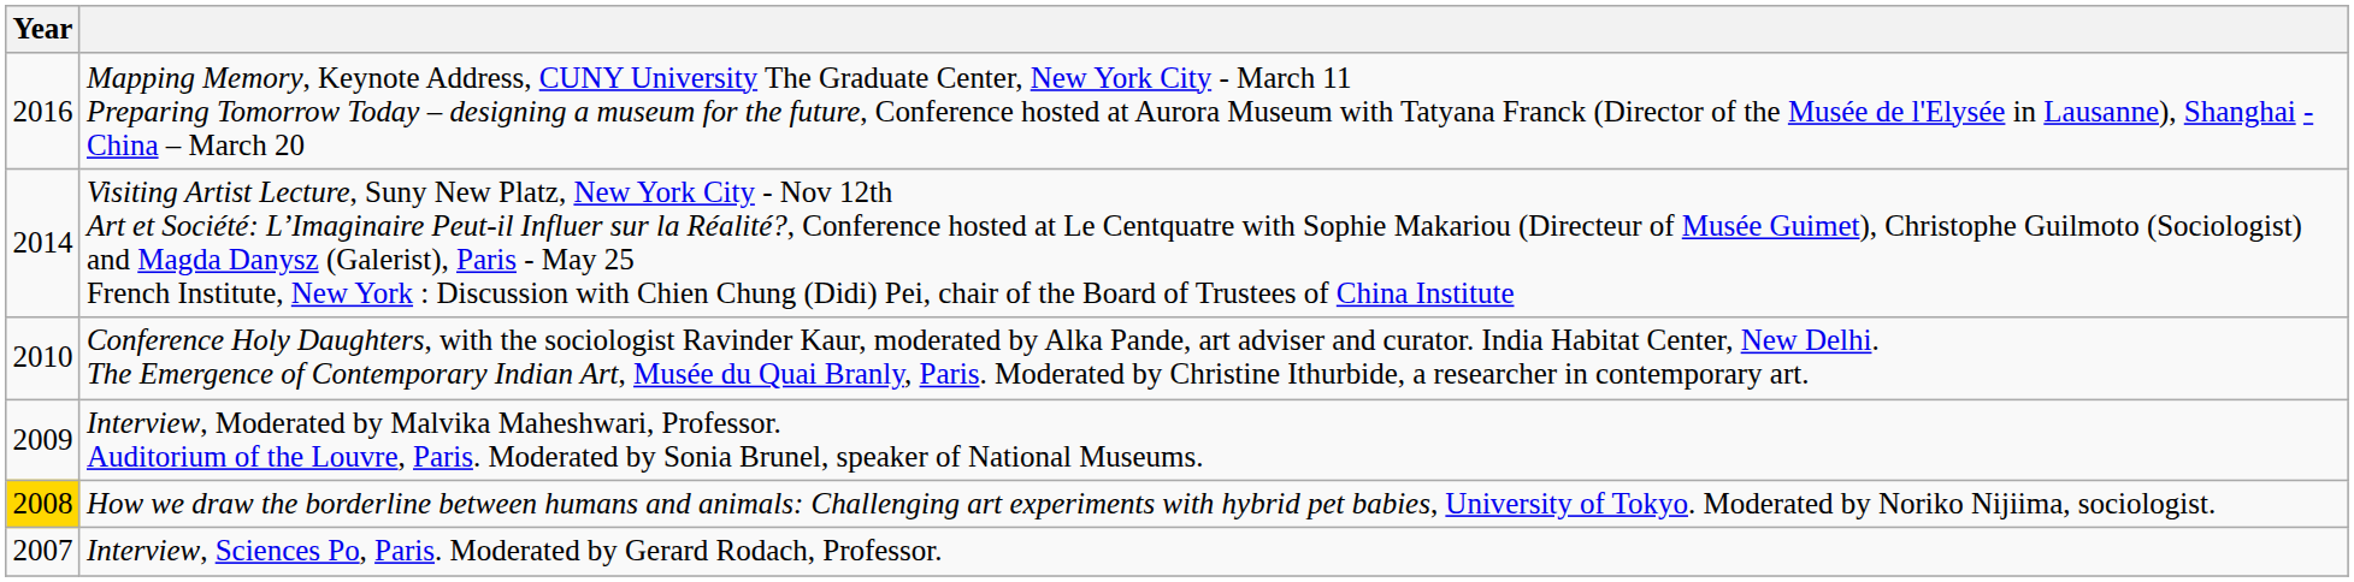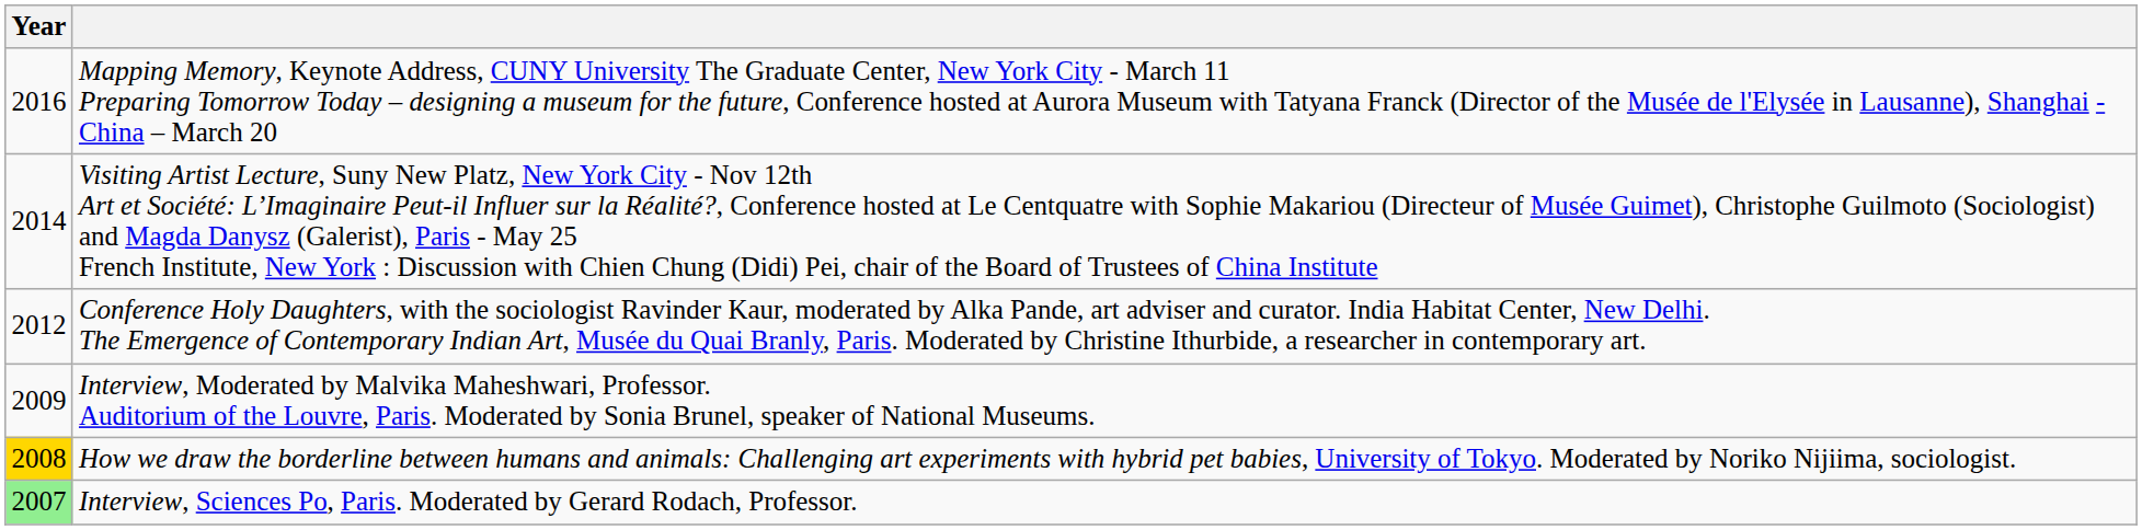 <table class="wikitable">
 <tr>
 <th>Year</th>
 <th></th>
 </tr>
 <tr>
 <td>2016</td>
 <td><em>Mapping Memory</em>, Keynote Address, <a href='#'>CUNY University</a> The Graduate Center, <a href='#'>New York City</a> - March 11<br><em>Preparing Tomorrow Today – designing a museum for the future</em>, Conference hosted at Aurora Museum with Tatyana Franck (Director of the <a href='#'>Musée de l'Elysée</a> in <a href='#'>Lausanne</a>), <a href='#'>Shanghai</a> <a href='#'>- China</a> – March 20</td>
 </tr>
 <tr>
 <td>2014</td>
 <td><em>Visiting Artist Lecture</em>, Suny New Platz, <a href='#'>New York City</a> - Nov 12th<br><em>Art et Société: L’Imaginaire Peut-il Influer sur la Réalité?</em>, Conference hosted at Le Centquatre with Sophie Makariou (Directeur of <a href='#'>Musée Guimet</a>), Christophe Guilmoto (Sociologist) and <a href='#'>Magda Danysz</a> (Galerist), <a href='#'>Paris</a> - May 25<br>French Institute, <a href='#'>New York</a> : Discussion with Chien Chung (Didi) Pei, chair of the Board of Trustees of <a href='#'>China Institute</a></td>
 </tr>
 <tr>
-<td>2010</td>
+<td>2012</td>
 <td><em>Conference Holy Daughters</em>, with the sociologist Ravinder Kaur, moderated by Alka Pande, art adviser and curator. India Habitat Center, <a href='#'>New Delhi</a>.<br><em>The Emergence of Contemporary Indian Art</em>, <a href='#'>Musée du Quai Branly</a>, <a href='#'>Paris</a>. Moderated by Christine Ithurbide, a researcher in contemporary art.</td>
 </tr>
 <tr>
 <td>2009</td>
 <td><em>Interview</em>,  Moderated by Malvika Maheshwari, Professor.<br><a href='#'>Auditorium of the Louvre</a>, <a href='#'>Paris</a>. Moderated by Sonia Brunel, speaker of National Museums.</td>
 </tr>
 <tr>
 <td style="background: gold;">2008</td>
 <td><em>How we draw the borderline between humans and animals: Challenging art experiments with hybrid pet babies</em>, <a href='#'>University of Tokyo</a>. Moderated by Noriko Nijiima, sociologist.</td>
 </tr>
 <tr>
-<td>2007</td>
+<td style="background: lightgreen;">2007</td>
 <td><em>Interview</em>, <a href='#'>Sciences Po</a>, <a href='#'>Paris</a>. Moderated by Gerard Rodach, Professor.</td>
 </tr>
 </table>
